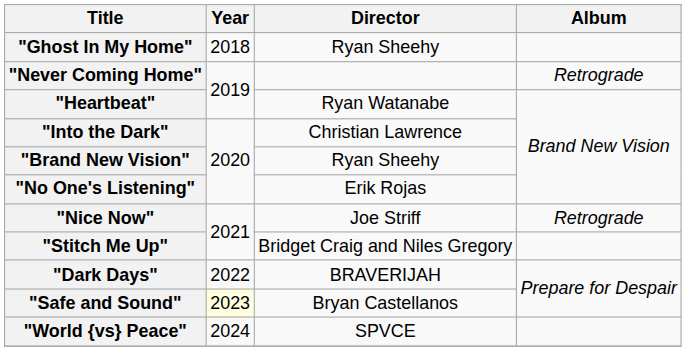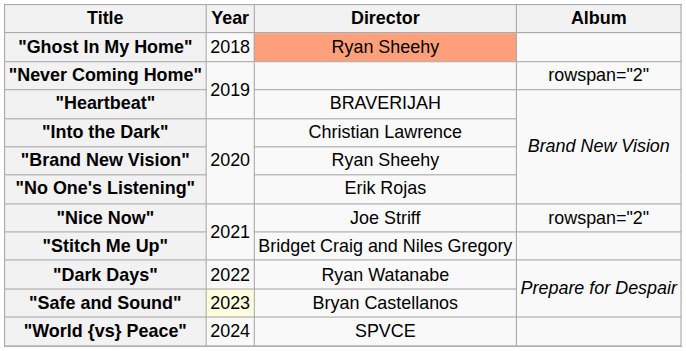 <table class="wikitable plainrowheaders" style="text-align:center;">
 <tr>
 <th>Title</th>
 <th>Year</th>
 <th>Director</th>
 <th>Album</th>
 </tr>
 <tr>
 <th scope="row">"Ghost In My Home"</th>
 <td>2018</td>
-<td>Ryan Sheehy</td>
+<td style="background: lightsalmon;">Ryan Sheehy</td>
 <td></td>
 </tr>
 <tr>
 <th scope="row">"Never Coming Home"</th>
 <td rowspan="2">2019</td>
 <td></td>
-<td><em>Retrograde</em></td>
+<td>rowspan="2" </td>
 </tr>
 <tr>
 <th scope="row">"Heartbeat"</th>
-<td>Ryan Watanabe</td>
+<td>BRAVERIJAH</td>
 <td rowspan="4"><em>Brand New Vision</em></td>
 </tr>
 <tr>
 <th scope="row">"Into the Dark"</th>
 <td rowspan="3">2020</td>
 <td>Christian Lawrence</td>
 </tr>
 <tr>
 <th scope="row">"Brand New Vision"</th>
 <td>Ryan Sheehy</td>
 </tr>
 <tr>
 <th scope="row">"No One's Listening"</th>
 <td>Erik Rojas</td>
 </tr>
 <tr>
 <th scope="row">"Nice Now"</th>
 <td rowspan="2">2021</td>
 <td>Joe Striff</td>
-<td><em>Retrograde</em></td>
+<td>rowspan="2" </td>
 </tr>
 <tr>
 <th scope="row">"Stitch Me Up"</th>
 <td>Bridget Craig and Niles Gregory</td>
 </tr>
 <tr>
 <th scope="row">"Dark Days"</th>
 <td>2022</td>
-<td>BRAVERIJAH</td>
+<td>Ryan Watanabe</td>
 <td rowspan="2"><em>Prepare for Despair</em></td>
 </tr>
 <tr>
 <th scope="row">"Safe and Sound"</th>
 <td style="background: lightyellow;">2023</td>
 <td>Bryan Castellanos</td>
 </tr>
 <tr>
 <th scope="row">"World {vs} Peace"</th>
 <td>2024</td>
 <td>SPVCE</td>
 <td></td>
 </tr>
 <tr>
 </tr>
 </table>
